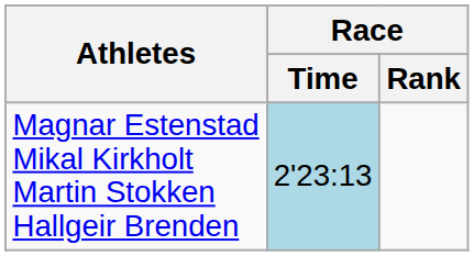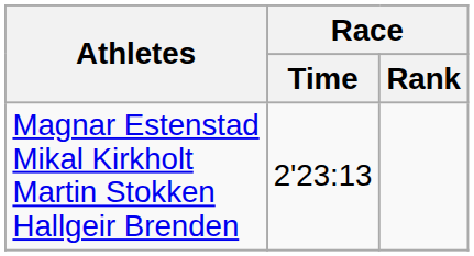 <table class="wikitable" border="1" style="font-size:90%">
 <tr>
 <th rowspan=2>Athletes</th>
 <th colspan=2>Race</th>
 </tr>
 <tr>
 <th>Time</th>
 <th>Rank</th>
 </tr>
 <tr>
 <td><a href='#'>Magnar Estenstad</a><br><a href='#'>Mikal Kirkholt</a><br><a href='#'>Martin Stokken</a><br><a href='#'>Hallgeir Brenden</a></td>
-<td align=center style="background: lightblue;">2'23:13</td>
+<td align=center>2'23:13</td>
 <td align=center></td>
 </tr>
 </table>
